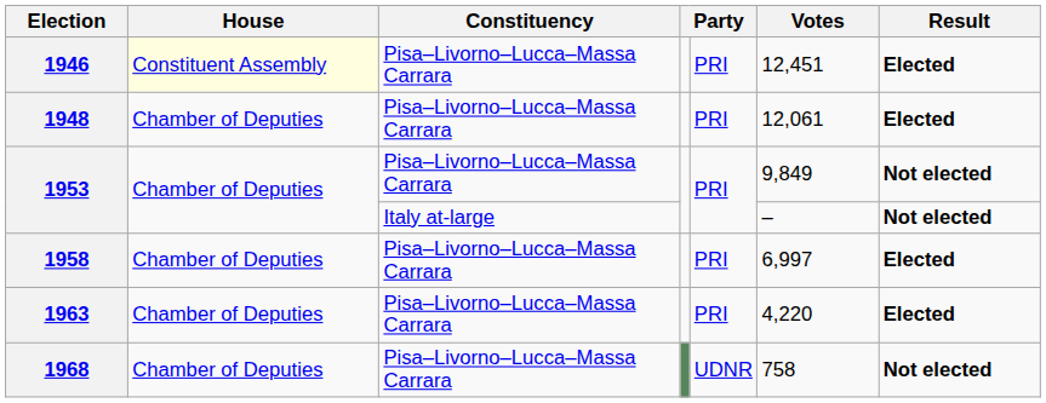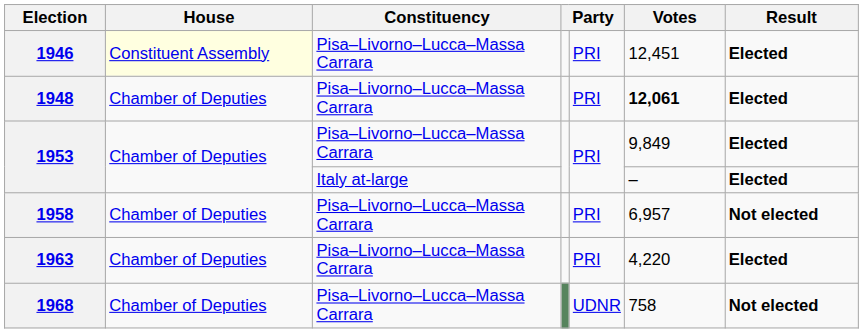 <table class=wikitable style="width:65%; border:1px #AAAAFF solid">
 <tr>
 <th width=12%>Election</th>
 <th width=25%>House</th>
 <th width=30%>Constituency</th>
 <th width=5% colspan="2">Party</th>
 <th width=12%>Votes</th>
 <th width=20%>Result</th>
 </tr>
 <tr>
 <th><a href='#'>1946</a></th>
 <td style="background: lightyellow;"><a href='#'>Constituent Assembly</a></td>
 <td><a href='#'>Pisa–Livorno–Lucca–Massa Carrara</a></td>
 <td></td>
 <td><a href='#'>PRI</a></td>
 <td>12,451</td>
 <td> <strong>Elected</strong></td>
 </tr>
 <tr>
 <th><a href='#'>1948</a></th>
 <td><a href='#'>Chamber of Deputies</a></td>
 <td><a href='#'>Pisa–Livorno–Lucca–Massa Carrara</a></td>
 <td></td>
 <td><a href='#'>PRI</a></td>
-<td>12,061</td>
+<td><strong>12,061</strong></td>
 <td> <strong>Elected</strong></td>
 </tr>
 <tr>
 <th rowspan=2><a href='#'>1953</a></th>
 <td rowspan=2><a href='#'>Chamber of Deputies</a></td>
 <td><a href='#'>Pisa–Livorno–Lucca–Massa Carrara</a></td>
 <td rowspan=2></td>
 <td rowspan=2><a href='#'>PRI</a></td>
 <td>9,849</td>
-<td> <strong>Not elected</strong></td>
+<td> <strong>Elected</strong></td>
 </tr>
 <tr>
 <td><a href='#'>Italy at-large</a></td>
 <td>–</td>
-<td> <strong>Not elected</strong></td>
+<td> <strong>Elected</strong></td>
 </tr>
 <tr>
 <th><a href='#'>1958</a></th>
 <td><a href='#'>Chamber of Deputies</a></td>
 <td><a href='#'>Pisa–Livorno–Lucca–Massa Carrara</a></td>
 <td></td>
 <td><a href='#'>PRI</a></td>
-<td>6,997</td>
-<td> <strong>Elected</strong></td>
+<td>6,957</td>
+<td> <strong>Not elected</strong></td>
 </tr>
 <tr>
 <th><a href='#'>1963</a></th>
 <td><a href='#'>Chamber of Deputies</a></td>
 <td><a href='#'>Pisa–Livorno–Lucca–Massa Carrara</a></td>
 <td></td>
 <td><a href='#'>PRI</a></td>
 <td>4,220</td>
 <td> <strong>Elected</strong></td>
 </tr>
 <tr>
 <th><a href='#'>1968</a></th>
 <td><a href='#'>Chamber of Deputies</a></td>
 <td><a href='#'>Pisa–Livorno–Lucca–Massa Carrara</a></td>
 <td bgcolor="#56845D"></td>
 <td><a href='#'>UDNR</a></td>
 <td>758</td>
 <td> <strong>Not elected</strong></td>
 </tr>
 </table>
